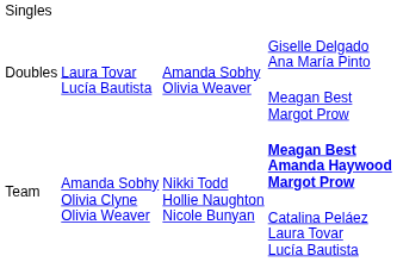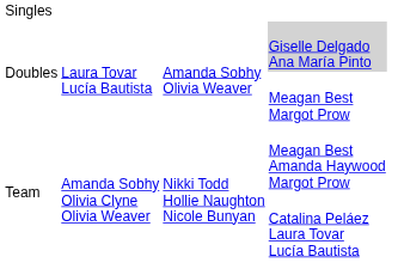 <table>
 <tr>
 <td rowspan=2>Singles<br></td>
 <td rowspan=2></td>
 <td rowspan=2></td>
 <td></td>
 </tr>
 <tr>
 <td></td>
 </tr>
 <tr>
 <td rowspan=2>Doubles<br></td>
 <td rowspan=2><br><a href='#'>Laura Tovar</a><br><a href='#'>Lucía Bautista</a></td>
 <td rowspan=2><br><a href='#'>Amanda Sobhy</a><br><a href='#'>Olivia Weaver</a></td>
-<td><br><a href='#'>Giselle Delgado</a><br><a href='#'>Ana María Pinto</a></td>
+<td style="background: lightgrey;"><br><a href='#'>Giselle Delgado</a><br><a href='#'>Ana María Pinto</a></td>
 </tr>
 <tr>
 <td><br><a href='#'>Meagan Best</a><br><a href='#'>Margot Prow</a></td>
 </tr>
 <tr>
 <td rowspan=2>Team<br></td>
 <td rowspan=2><br><a href='#'>Amanda Sobhy</a><br><a href='#'>Olivia Clyne</a><br><a href='#'>Olivia Weaver</a></td>
 <td rowspan=2><br><a href='#'>Nikki Todd</a><br><a href='#'>Hollie Naughton</a><br><a href='#'>Nicole Bunyan</a></td>
-<td><strong><br><a href='#'>Meagan Best</a><br><a href='#'>Amanda Haywood</a><br><a href='#'>Margot Prow</a></strong></td>
+<td><br><a href='#'>Meagan Best</a><br><a href='#'>Amanda Haywood</a><br><a href='#'>Margot Prow</a></td>
 </tr>
 <tr>
 <td><br><a href='#'>Catalina Peláez</a><br><a href='#'>Laura Tovar</a><br><a href='#'>Lucía Bautista</a></td>
 </tr>
 </table>
